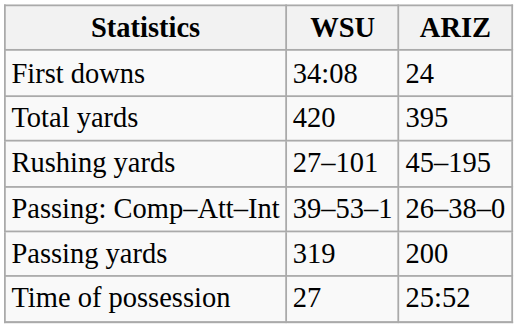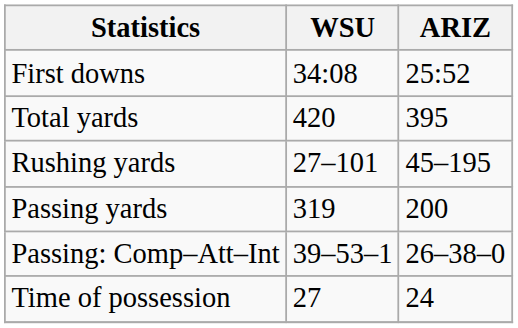 <table class="wikitable" style="float: left;">
 <tr>
 <th>Statistics</th>
 <th>WSU</th>
 <th>ARIZ</th>
 </tr>
 <tr>
 <td>First downs</td>
 <td>34:08</td>
-<td>24</td>
+<td>25:52</td>
 </tr>
 <tr>
 <td>Total yards</td>
 <td>420</td>
 <td>395</td>
 </tr>
 <tr>
 <td>Rushing yards</td>
 <td>27–101</td>
 <td>45–195</td>
 </tr>
 <tr>
+<td>Passing yards</td>
+<td>319</td>
+<td>200</td>
+</tr>
+<tr>
 <td>Passing: Comp–Att–Int</td>
 <td>39–53–1</td>
 <td>26–38–0</td>
 </tr>
 <tr>
-<td>Passing yards</td>
-<td>319</td>
-<td>200</td>
-</tr>
-<tr>
 <td>Time of possession</td>
 <td>27</td>
-<td>25:52</td>
+<td>24</td>
 </tr>
 <tr>
 </tr>
 </table>
